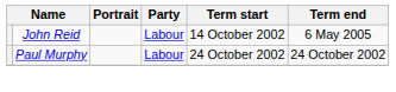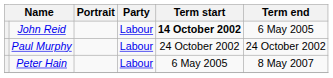 <table class="wikitable" style="margin: 1em auto 1em auto; text-align: center;">
 <tr>
 <th colspan=2>Name</th>
 <th>Portrait</th>
 <th>Party</th>
 <th>Term start</th>
 <th>Term end</th>
 </tr>
 <tr>
 <th style="background-color: "></th>
 <td><em><a href='#'>John Reid</a></em></td>
 <td></td>
 <td><a href='#'>Labour</a></td>
-<td>14 October 2002</td>
+<td><strong>14 October 2002</strong></td>
 <td>6 May 2005</td>
 </tr>
 <tr>
 <th style="background-color: "></th>
 <td><em><a href='#'>Paul Murphy</a></em></td>
 <td></td>
 <td><a href='#'>Labour</a></td>
 <td>24 October 2002</td>
 <td>24 October 2002</td>
 </tr>
 <tr>
+<th style="background-color: "></th>
+<td><em><a href='#'>Peter Hain</a></em></td>
+<td></td>
+<td><a href='#'>Labour</a></td>
+<td>6 May 2005</td>
+<td>8 May 2007</td>
+</tr>
+<tr>
 </tr>
 </table>
